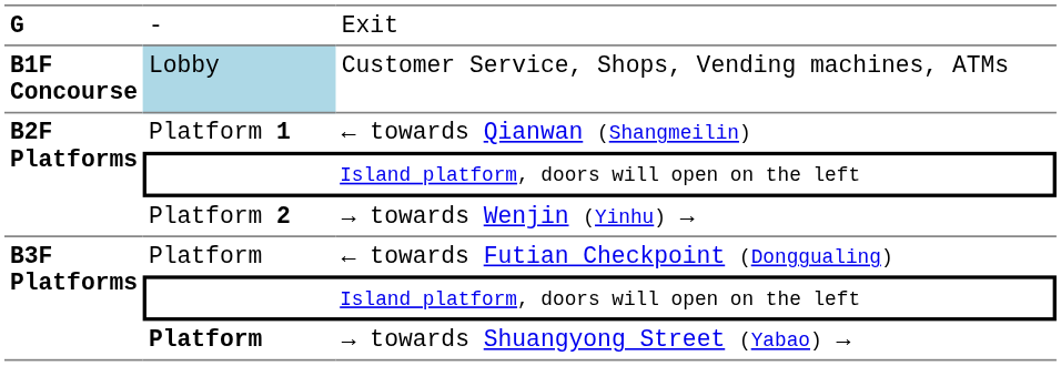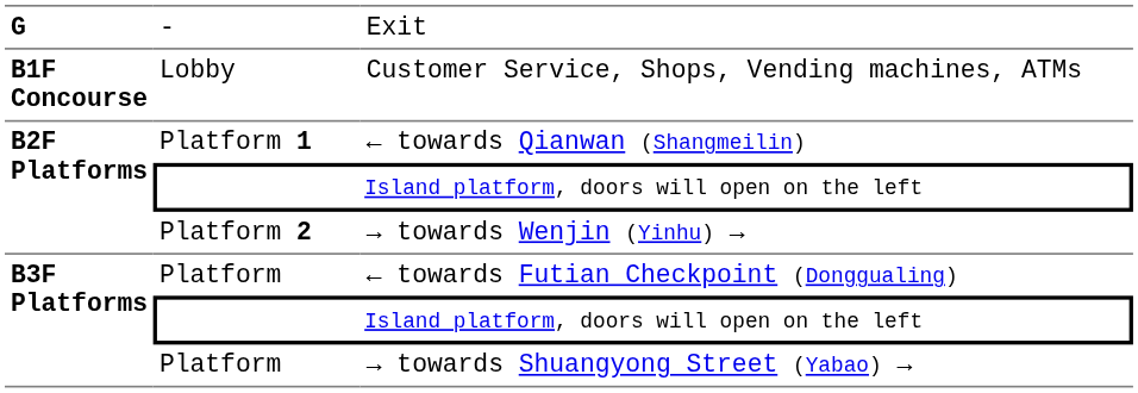 <table table border=0 cellspacing=0 cellpadding=3>
 <tr>
 <td style="border-top:solid 1px gray;" width=50 valign=top><strong>G</strong></td>
 <td style="border-top:solid 1px gray;" width=100 valign=top>-</td>
 <td style="border-top:solid 1px gray;" width=390 valign=top>Exit</td>
 </tr>
 <tr>
 <td style="border-bottom:solid 1px gray; border-top:solid 1px gray;" valign=top width=50><strong>B1F<br>Concourse</strong></td>
-<td style="background: lightblue; border-bottom:solid 1px gray; border-top:solid 1px gray;" valign=top width=100>Lobby</td>
+<td style="border-bottom:solid 1px gray; border-top:solid 1px gray;" valign=top width=100>Lobby</td>
 <td style="border-bottom:solid 1px gray; border-top:solid 1px gray;" valign=top width=390>Customer Service, Shops, Vending machines, ATMs</td>
 </tr>
 <tr>
 <td style="border-bottom:solid 1px gray;" rowspan="3" valign=top><strong>B2F<br>Platforms</strong></td>
 <td>Platform <strong>1</strong></td>
 <td>←  towards <a href='#'>Qianwan</a> <small>(<a href='#'>Shangmeilin</a>)</small></td>
 </tr>
 <tr>
 <td style="border-right:solid 2px black;border-left:solid 2px black;border-top:solid 2px black;border-bottom:solid 2px black;text-align:center;" colspan=2><small><a href='#'>Island platform</a>, doors will open on the left</small></td>
 </tr>
 <tr>
 <td style="border-bottom:solid 1px gray;">Platform <strong>2</strong></td>
 <td style="border-bottom:solid 1px gray;"><span>→</span>  towards <a href='#'>Wenjin</a> <small>(<a href='#'>Yinhu</a>)</small> →</td>
 </tr>
 <tr>
 <td style="border-bottom:solid 1px gray;" rowspan="3" valign=top><strong>B3F<br>Platforms</strong></td>
 <td>Platform</td>
 <td>←  towards <a href='#'>Futian Checkpoint</a> <small>(<a href='#'>Donggualing</a>)</small></td>
 </tr>
 <tr>
 <td style="border-right:solid 2px black;border-left:solid 2px black;border-top:solid 2px black;border-bottom:solid 2px black;text-align:center;" colspan=2><small><a href='#'>Island platform</a>, doors will open on the left</small></td>
 </tr>
 <tr>
-<td style="border-bottom:solid 1px gray;"><strong>Platform</strong></td>
+<td style="border-bottom:solid 1px gray;">Platform</td>
 <td style="border-bottom:solid 1px gray;"><span>→</span>  towards <a href='#'>Shuangyong Street</a> <small>(<a href='#'>Yabao</a>)</small> →</td>
 </tr>
 </table>
